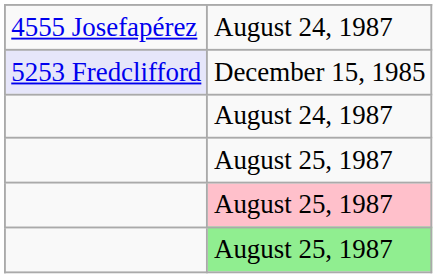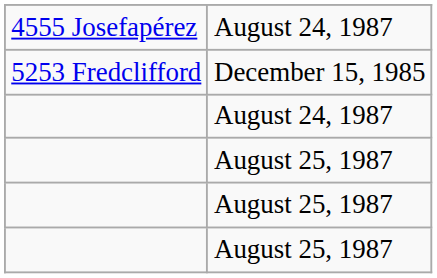 <table class="wikitable floatright" style="font-size: 0.9em;">
 <tr>
 <td><a href='#'>4555 Josefapérez</a></td>
 <td>August 24, 1987</td>
 </tr>
 <tr>
-<td style="background: lavender;"><a href='#'>5253 Fredclifford</a></td>
+<td><a href='#'>5253 Fredclifford</a></td>
 <td>December 15, 1985</td>
 </tr>
 <tr>
 <td></td>
 <td>August 24, 1987</td>
 </tr>
 <tr>
 <td></td>
 <td>August 25, 1987</td>
 </tr>
 <tr>
 <td></td>
-<td style="background: pink;">August 25, 1987</td>
+<td>August 25, 1987</td>
 </tr>
 <tr>
 <td></td>
-<td style="background: lightgreen;">August 25, 1987</td>
+<td>August 25, 1987</td>
 </tr>
 </table>
